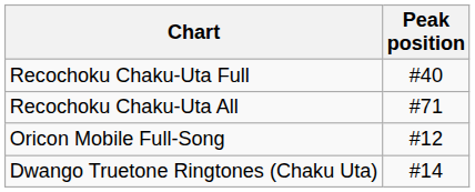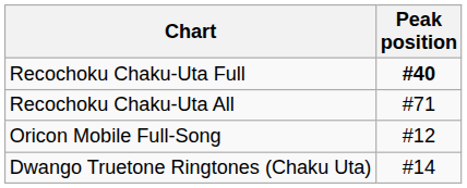 <table class="wikitable">
 <tr>
 <th align="center">Chart</th>
 <th align="center">Peak<br>position</th>
 </tr>
 <tr>
 <td align="left">Recochoku Chaku-Uta Full</td>
-<td align="center">#40</td>
+<td align="center"><strong>#40</strong></td>
 </tr>
 <tr>
 <td align="left">Recochoku Chaku-Uta All</td>
 <td align="center">#71</td>
 </tr>
 <tr>
 <td align="left">Oricon Mobile Full-Song</td>
 <td align="center">#12</td>
 </tr>
 <tr>
 <td align="left">Dwango Truetone Ringtones (Chaku Uta)</td>
 <td align="center">#14</td>
 </tr>
 </table>
